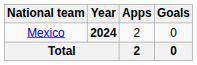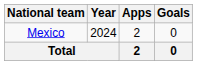 <table class="wikitable" style="text-align:center">
 <tr>
 <th>National team</th>
 <th>Year</th>
 <th>Apps</th>
 <th>Goals</th>
 </tr>
 <tr>
 <td rowspan="1"><a href='#'>Mexico</a></td>
-<td><strong>2024</strong></td>
+<td>2024</td>
 <td>2</td>
 <td>0</td>
 </tr>
 <tr>
 <th colspan="2">Total</th>
 <th>2</th>
 <th>0</th>
 </tr>
 </table>
